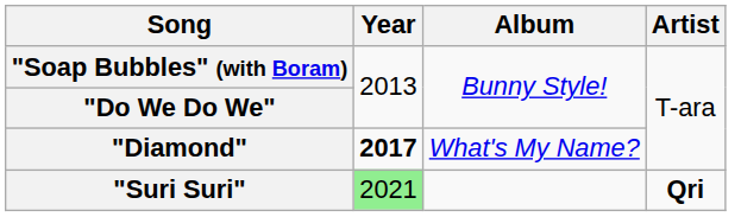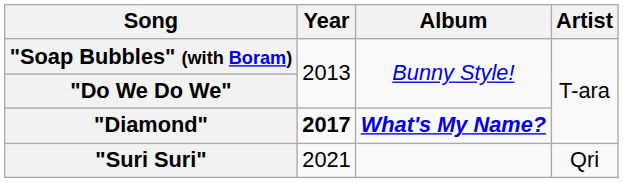 <table class="wikitable plainrowheaders" style="text-align:center">
 <tr>
 <th>Song</th>
 <th>Year</th>
 <th>Album</th>
 <th>Artist</th>
 </tr>
 <tr>
 <th scope="row">"Soap Bubbles" <small>(with <a href='#'>Boram</a>)</small></th>
 <td rowspan="2">2013</td>
 <td rowspan=2><em><a href='#'>Bunny Style!</a></em></td>
 <td rowspan="3">T-ara</td>
 </tr>
 <tr>
 <th scope="row">"Do We Do We"</th>
 </tr>
 <tr>
 <th scope="row">"Diamond"</th>
 <td><strong>2017</strong></td>
-<td><em><a href='#'>What's My Name?</a></em></td>
+<td><strong><em><a href='#'>What's My Name?</a></em></strong></td>
 </tr>
 <tr>
 <th scope="row">"Suri Suri"</th>
-<td style="background: lightgreen;">2021</td>
+<td>2021</td>
 <td></td>
-<td><strong>Qri</strong></td>
+<td>Qri</td>
 </tr>
 </table>
